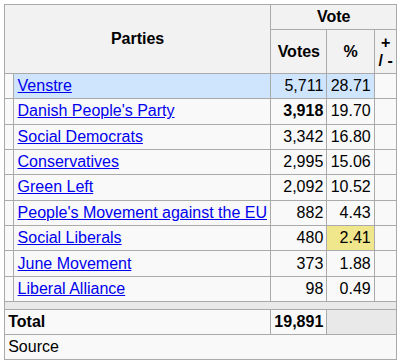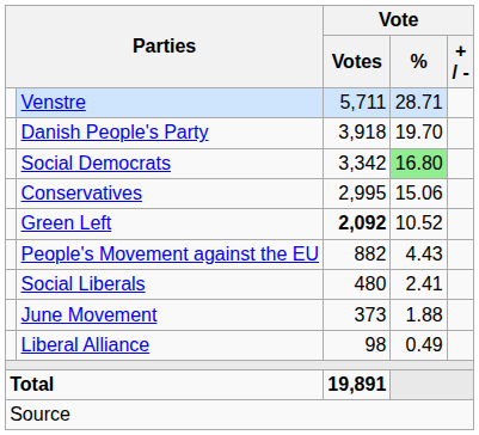 <table class="wikitable" style="text-align:right;">
 <tr>
 <th style="text-align:centre;" rowspan="2" colspan="2" width="225">Parties</th>
 <th colspan="3">Vote</th>
 </tr>
 <tr>
 <th width="15">Votes</th>
 <th width="15">%</th>
 <th width="15">+ / -</th>
 </tr>
 <tr>
 <td width="2" style="color:inherit;background:"></td>
 <td bgcolor=#cfe5fe   align="left"><a href='#'>Venstre</a></td>
 <td bgcolor=#cfe5fe>5,711</td>
 <td bgcolor=#cfe5fe>28.71</td>
 <td></td>
 </tr>
 <tr>
 <td width="2" style="color:inherit;background:"></td>
 <td align="left"><a href='#'>Danish People's Party</a></td>
-<td><strong>3,918</strong></td>
+<td>3,918</td>
 <td>19.70</td>
 <td></td>
 </tr>
 <tr>
 <td width="2" style="color:inherit;background:"></td>
 <td align="left"><a href='#'>Social Democrats</a></td>
 <td>3,342</td>
-<td>16.80</td>
+<td style="background: lightgreen;">16.80</td>
 <td></td>
 </tr>
 <tr>
 <td width="2" style="color:inherit;background:"></td>
 <td align="left"><a href='#'>Conservatives</a></td>
 <td>2,995</td>
 <td>15.06</td>
 <td></td>
 </tr>
 <tr>
 <td width="2" style="color:inherit;background:"></td>
 <td align="left"><a href='#'>Green Left</a></td>
-<td>2,092</td>
+<td><strong>2,092</strong></td>
 <td>10.52</td>
 <td></td>
 </tr>
 <tr>
 <td width="2" style="color:inherit;background:"></td>
 <td align="left"><a href='#'>People's Movement against the EU</a></td>
 <td>882</td>
 <td>4.43</td>
 <td></td>
 </tr>
 <tr>
 <td width="2" style="color:inherit;background:"></td>
 <td align="left"><a href='#'>Social Liberals</a></td>
 <td>480</td>
-<td style="background: khaki;">2.41</td>
+<td>2.41</td>
 <td></td>
 </tr>
 <tr>
 <td width="2" style="color:inherit;background:"></td>
 <td align="left"><a href='#'>June Movement</a></td>
 <td>373</td>
 <td>1.88</td>
 <td></td>
 </tr>
 <tr>
 <td width="2" style="color:inherit;background:"></td>
 <td align="left"><a href='#'>Liberal Alliance</a></td>
 <td>98</td>
 <td>0.49</td>
 <td></td>
 </tr>
 <tr>
 <td colspan="7" bgcolor="#E9E9E9"></td>
 </tr>
 <tr>
 <td align="left" colspan="2"><strong>Total</strong></td>
 <td><strong>19,891</strong></td>
 <td bgcolor="#E9E9E9" colspan="2"></td>
 </tr>
 <tr>
 <td align="left" colspan="6">Source</td>
 </tr>
 </table>
